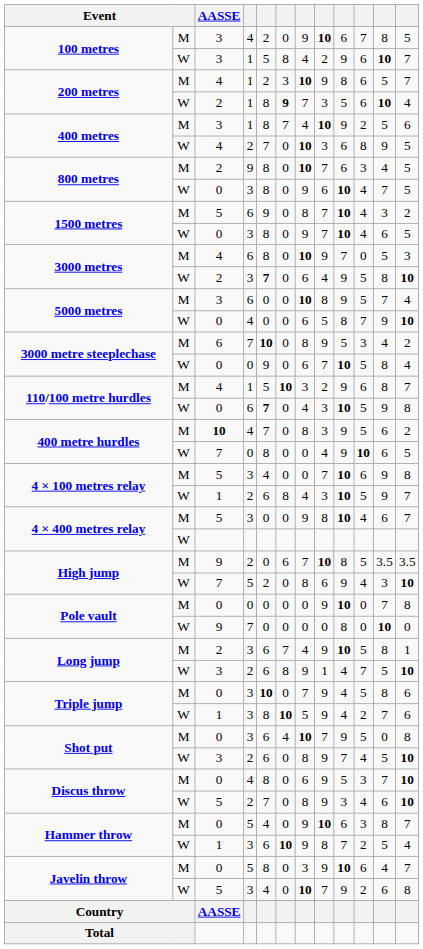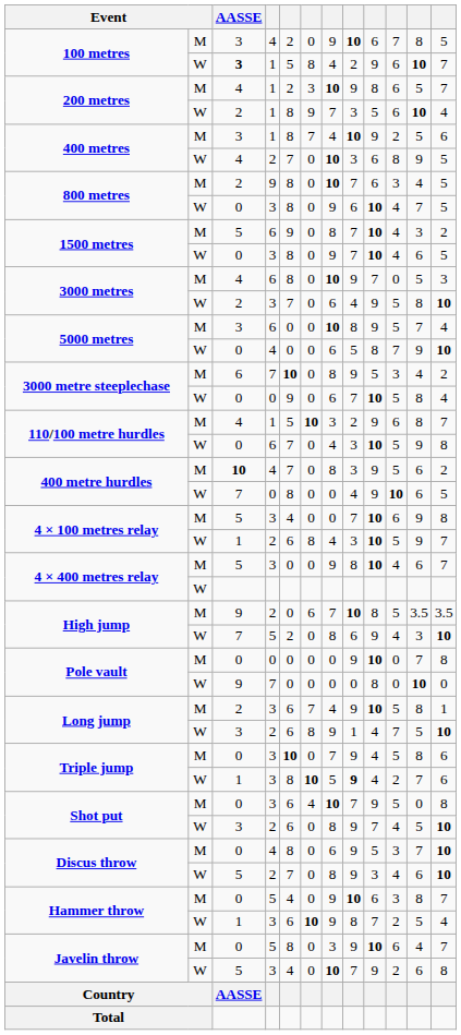 <table class="wikitable" style="background-color: #f9f9f9; font-size: 90%; text-align: center">
 <tr>
 <th width=200 colspan=2>Event</th>
 <th> <a href='#'>AASSE</a></th>
 <th></th>
 <th></th>
 <th></th>
 <th></th>
 <th></th>
 <th></th>
 <th></th>
 <th></th>
 <th></th>
 </tr>
 <tr>
 <td rowspan=2><strong><a href='#'>100 metres</a></strong></td>
 <td>M</td>
 <td>3</td>
 <td>4</td>
 <td>2</td>
 <td>0</td>
 <td>9</td>
 <td><strong>10</strong></td>
 <td>6</td>
 <td>7</td>
 <td>8</td>
 <td>5</td>
 </tr>
 <tr>
 <td>W</td>
-<td>3</td>
+<td><strong>3</strong></td>
 <td>1</td>
 <td>5</td>
 <td>8</td>
 <td>4</td>
 <td>2</td>
 <td>9</td>
 <td>6</td>
 <td><strong>10</strong></td>
 <td>7</td>
 </tr>
 <tr>
 <td rowspan=2><strong><a href='#'>200 metres</a></strong></td>
 <td>M</td>
 <td>4</td>
 <td>1</td>
 <td>2</td>
 <td>3</td>
 <td><strong>10</strong></td>
 <td>9</td>
 <td>8</td>
 <td>6</td>
 <td>5</td>
 <td>7</td>
 </tr>
 <tr>
 <td>W</td>
 <td>2</td>
 <td>1</td>
 <td>8</td>
-<td><strong>9</strong></td>
+<td>9</td>
 <td>7</td>
 <td>3</td>
 <td>5</td>
 <td>6</td>
 <td><strong>10</strong></td>
 <td>4</td>
 </tr>
 <tr>
 <td rowspan=2><strong><a href='#'>400 metres</a></strong></td>
 <td>M</td>
 <td>3</td>
 <td>1</td>
 <td>8</td>
 <td>7</td>
 <td>4</td>
 <td><strong>10</strong></td>
 <td>9</td>
 <td>2</td>
 <td>5</td>
 <td>6</td>
 </tr>
 <tr>
 <td>W</td>
 <td>4</td>
 <td>2</td>
 <td>7</td>
 <td>0</td>
 <td><strong>10</strong></td>
 <td>3</td>
 <td>6</td>
 <td>8</td>
 <td>9</td>
 <td>5</td>
 </tr>
 <tr>
 <td rowspan=2><strong><a href='#'>800 metres</a></strong></td>
 <td>M</td>
 <td>2</td>
 <td>9</td>
 <td>8</td>
 <td>0</td>
 <td><strong>10</strong></td>
 <td>7</td>
 <td>6</td>
 <td>3</td>
 <td>4</td>
 <td>5</td>
 </tr>
 <tr>
 <td>W</td>
 <td>0</td>
 <td>3</td>
 <td>8</td>
 <td>0</td>
 <td>9</td>
 <td>6</td>
 <td><strong>10</strong></td>
 <td>4</td>
 <td>7</td>
 <td>5</td>
 </tr>
 <tr>
 <td rowspan=2><strong><a href='#'>1500 metres</a></strong></td>
 <td>M</td>
 <td>5</td>
 <td>6</td>
 <td>9</td>
 <td>0</td>
 <td>8</td>
 <td>7</td>
 <td><strong>10</strong></td>
 <td>4</td>
 <td>3</td>
 <td>2</td>
 </tr>
 <tr>
 <td>W</td>
 <td>0</td>
 <td>3</td>
 <td>8</td>
 <td>0</td>
 <td>9</td>
 <td>7</td>
 <td><strong>10</strong></td>
 <td>4</td>
 <td>6</td>
 <td>5</td>
 </tr>
 <tr>
 <td rowspan=2><strong><a href='#'>3000 metres</a></strong></td>
 <td>M</td>
 <td>4</td>
 <td>6</td>
 <td>8</td>
 <td>0</td>
 <td><strong>10</strong></td>
 <td>9</td>
 <td>7</td>
 <td>0</td>
 <td>5</td>
 <td>3</td>
 </tr>
 <tr>
 <td>W</td>
 <td>2</td>
 <td>3</td>
-<td><strong>7</strong></td>
+<td>7</td>
 <td>0</td>
 <td>6</td>
 <td>4</td>
 <td>9</td>
 <td>5</td>
 <td>8</td>
 <td><strong>10</strong></td>
 </tr>
 <tr>
 <td rowspan=2><strong><a href='#'>5000 metres</a></strong></td>
 <td>M</td>
 <td>3</td>
 <td>6</td>
 <td>0</td>
 <td>0</td>
 <td><strong>10</strong></td>
 <td>8</td>
 <td>9</td>
 <td>5</td>
 <td>7</td>
 <td>4</td>
 </tr>
 <tr>
 <td>W</td>
 <td>0</td>
 <td>4</td>
 <td>0</td>
 <td>0</td>
 <td>6</td>
 <td>5</td>
 <td>8</td>
 <td>7</td>
 <td>9</td>
 <td><strong>10</strong></td>
 </tr>
 <tr>
 <td rowspan=2><strong><a href='#'>3000 metre steeplechase</a></strong></td>
 <td>M</td>
 <td>6</td>
 <td>7</td>
 <td><strong>10</strong></td>
 <td>0</td>
 <td>8</td>
 <td>9</td>
 <td>5</td>
 <td>3</td>
 <td>4</td>
 <td>2</td>
 </tr>
 <tr>
 <td>W</td>
 <td>0</td>
 <td>0</td>
 <td>9</td>
 <td>0</td>
 <td>6</td>
 <td>7</td>
 <td><strong>10</strong></td>
 <td>5</td>
 <td>8</td>
 <td>4</td>
 </tr>
 <tr>
 <td rowspan=2><strong><a href='#'>110</a>/<a href='#'>100 metre hurdles</a></strong></td>
 <td>M</td>
 <td>4</td>
 <td>1</td>
 <td>5</td>
 <td><strong>10</strong></td>
 <td>3</td>
 <td>2</td>
 <td>9</td>
 <td>6</td>
 <td>8</td>
 <td>7</td>
 </tr>
 <tr>
 <td>W</td>
 <td>0</td>
 <td>6</td>
-<td><strong>7</strong></td>
+<td>7</td>
 <td>0</td>
 <td>4</td>
 <td>3</td>
 <td><strong>10</strong></td>
 <td>5</td>
 <td>9</td>
 <td>8</td>
 </tr>
 <tr>
 <td rowspan=2><strong><a href='#'>400 metre hurdles</a></strong></td>
 <td>M</td>
 <td><strong>10</strong></td>
 <td>4</td>
 <td>7</td>
 <td>0</td>
 <td>8</td>
 <td>3</td>
 <td>9</td>
 <td>5</td>
 <td>6</td>
 <td>2</td>
 </tr>
 <tr>
 <td>W</td>
 <td>7</td>
 <td>0</td>
 <td>8</td>
 <td>0</td>
 <td>0</td>
 <td>4</td>
 <td>9</td>
 <td><strong>10</strong></td>
 <td>6</td>
 <td>5</td>
 </tr>
 <tr>
 <td rowspan=2><strong><a href='#'>4 × 100 metres relay</a></strong></td>
 <td>M</td>
 <td>5</td>
 <td>3</td>
 <td>4</td>
 <td>0</td>
 <td>0</td>
 <td>7</td>
 <td><strong>10</strong></td>
 <td>6</td>
 <td>9</td>
 <td>8</td>
 </tr>
 <tr>
 <td>W</td>
 <td>1</td>
 <td>2</td>
 <td>6</td>
 <td>8</td>
 <td>4</td>
 <td>3</td>
 <td><strong>10</strong></td>
 <td>5</td>
 <td>9</td>
 <td>7</td>
 </tr>
 <tr>
 <td rowspan=2><strong><a href='#'>4 × 400 metres relay</a></strong></td>
 <td>M</td>
 <td>5</td>
 <td>3</td>
 <td>0</td>
 <td>0</td>
 <td>9</td>
 <td>8</td>
 <td><strong>10</strong></td>
 <td>4</td>
 <td>6</td>
 <td>7</td>
 </tr>
 <tr>
 <td>W</td>
 <td></td>
 <td></td>
 <td></td>
 <td></td>
 <td></td>
 <td></td>
 <td></td>
 <td></td>
 <td></td>
 <td></td>
 </tr>
 <tr>
 <td rowspan=2><strong><a href='#'>High jump</a></strong></td>
 <td>M</td>
 <td>9</td>
 <td>2</td>
 <td>0</td>
 <td>6</td>
 <td>7</td>
 <td><strong>10</strong></td>
 <td>8</td>
 <td>5</td>
 <td>3.5</td>
 <td>3.5</td>
 </tr>
 <tr>
 <td>W</td>
 <td>7</td>
 <td>5</td>
 <td>2</td>
 <td>0</td>
 <td>8</td>
 <td>6</td>
 <td>9</td>
 <td>4</td>
 <td>3</td>
 <td><strong>10</strong></td>
 </tr>
 <tr>
 <td rowspan=2><strong><a href='#'>Pole vault</a></strong></td>
 <td>M</td>
 <td>0</td>
 <td>0</td>
 <td>0</td>
 <td>0</td>
 <td>0</td>
 <td>9</td>
 <td><strong>10</strong></td>
 <td>0</td>
 <td>7</td>
 <td>8</td>
 </tr>
 <tr>
 <td>W</td>
 <td>9</td>
 <td>7</td>
 <td>0</td>
 <td>0</td>
 <td>0</td>
 <td>0</td>
 <td>8</td>
 <td>0</td>
 <td><strong>10</strong></td>
 <td>0</td>
 </tr>
 <tr>
 <td rowspan=2><strong><a href='#'>Long jump</a></strong></td>
 <td>M</td>
 <td>2</td>
 <td>3</td>
 <td>6</td>
 <td>7</td>
 <td>4</td>
 <td>9</td>
 <td><strong>10</strong></td>
 <td>5</td>
 <td>8</td>
 <td>1</td>
 </tr>
 <tr>
 <td>W</td>
 <td>3</td>
 <td>2</td>
 <td>6</td>
 <td>8</td>
 <td>9</td>
 <td>1</td>
 <td>4</td>
 <td>7</td>
 <td>5</td>
 <td><strong>10</strong></td>
 </tr>
 <tr>
 <td rowspan=2><strong><a href='#'>Triple jump</a></strong></td>
 <td>M</td>
 <td>0</td>
 <td>3</td>
 <td><strong>10</strong></td>
 <td>0</td>
 <td>7</td>
 <td>9</td>
 <td>4</td>
 <td>5</td>
 <td>8</td>
 <td>6</td>
 </tr>
 <tr>
 <td>W</td>
 <td>1</td>
 <td>3</td>
 <td>8</td>
 <td><strong>10</strong></td>
 <td>5</td>
-<td>9</td>
+<td><strong>9</strong></td>
 <td>4</td>
 <td>2</td>
 <td>7</td>
 <td>6</td>
 </tr>
 <tr>
 <td rowspan=2><strong><a href='#'>Shot put</a></strong></td>
 <td>M</td>
 <td>0</td>
 <td>3</td>
 <td>6</td>
 <td>4</td>
 <td><strong>10</strong></td>
 <td>7</td>
 <td>9</td>
 <td>5</td>
 <td>0</td>
 <td>8</td>
 </tr>
 <tr>
 <td>W</td>
 <td>3</td>
 <td>2</td>
 <td>6</td>
 <td>0</td>
 <td>8</td>
 <td>9</td>
 <td>7</td>
 <td>4</td>
 <td>5</td>
 <td><strong>10</strong></td>
 </tr>
 <tr>
 <td rowspan=2><strong><a href='#'>Discus throw</a></strong></td>
 <td>M</td>
 <td>0</td>
 <td>4</td>
 <td>8</td>
 <td>0</td>
 <td>6</td>
 <td>9</td>
 <td>5</td>
 <td>3</td>
 <td>7</td>
 <td><strong>10</strong></td>
 </tr>
 <tr>
 <td>W</td>
 <td>5</td>
 <td>2</td>
 <td>7</td>
 <td>0</td>
 <td>8</td>
 <td>9</td>
 <td>3</td>
 <td>4</td>
 <td>6</td>
 <td><strong>10</strong></td>
 </tr>
 <tr>
 <td rowspan=2><strong><a href='#'>Hammer throw</a></strong></td>
 <td>M</td>
 <td>0</td>
 <td>5</td>
 <td>4</td>
 <td>0</td>
 <td>9</td>
 <td><strong>10</strong></td>
 <td>6</td>
 <td>3</td>
 <td>8</td>
 <td>7</td>
 </tr>
 <tr>
 <td>W</td>
 <td>1</td>
 <td>3</td>
 <td>6</td>
 <td><strong>10</strong></td>
 <td>9</td>
 <td>8</td>
 <td>7</td>
 <td>2</td>
 <td>5</td>
 <td>4</td>
 </tr>
 <tr>
 <td rowspan=2><strong><a href='#'>Javelin throw</a></strong></td>
 <td>M</td>
 <td>0</td>
 <td>5</td>
 <td>8</td>
 <td>0</td>
 <td>3</td>
 <td>9</td>
 <td><strong>10</strong></td>
 <td>6</td>
 <td>4</td>
 <td>7</td>
 </tr>
 <tr>
 <td>W</td>
 <td>5</td>
 <td>3</td>
 <td>4</td>
 <td>0</td>
 <td><strong>10</strong></td>
 <td>7</td>
 <td>9</td>
 <td>2</td>
 <td>6</td>
 <td>8</td>
 </tr>
 <tr>
 <th colspan=2>Country</th>
 <th> <a href='#'>AASSE</a></th>
 <th></th>
 <th></th>
 <th></th>
 <th></th>
 <th></th>
 <th></th>
 <th></th>
 <th></th>
 <th></th>
 </tr>
 <tr>
 <th colspan=2>Total</th>
 <td></td>
 <td></td>
 <td></td>
 <td></td>
 <td></td>
 <td></td>
 <td></td>
 <td></td>
 <td></td>
 <td></td>
 </tr>
 </table>
